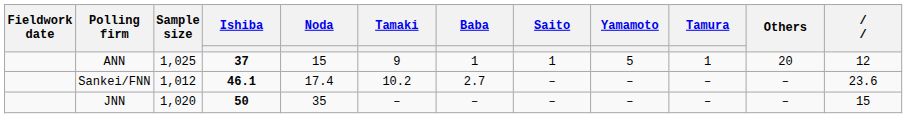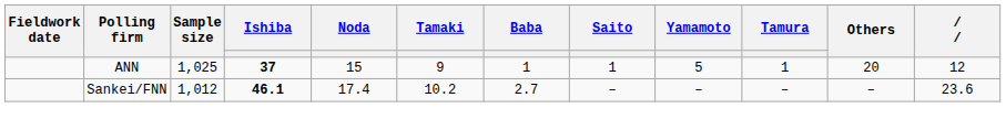 <table class="wikitable mw-datatable sortable" style="text-align:center;font-size:90%;line-height:14px;">
 <tr style="height:40px;">
 <th rowspan="2">Fieldwork date</th>
 <th rowspan="2">Polling firm</th>
 <th class="unsortable" rowspan="2">Sample size</th>
 <th class="unsortable" style="width:70px;"><a href='#'>Ishiba</a><br></th>
 <th class="unsortable" style="width:70px;"><a href='#'>Noda</a><br></th>
 <th class="unsortable" style="width:70px;"><a href='#'>Tamaki</a><br></th>
 <th class="unsortable" style="width:70px;"><a href='#'>Baba</a><br></th>
 <th class="unsortable" style="width:70px;"><a href='#'>Saito</a><br></th>
 <th class="unsortable" style="width:70px;"><a href='#'>Yamamoto</a><br></th>
 <th class="unsortable" style="width:70px;"><a href='#'>Tamura</a><br></th>
 <th class="unsortable" style="width:70px;" rowspan="2">Others</th>
 <th class="unsortable" style="width:70px;" rowspan="2">/<br>/</th>
 </tr>
 <tr>
 <th style="background:"></th>
 <th style="background:"></th>
 <th style="background:"></th>
 <th style="background:"></th>
 <th style="background:"></th>
 <th style="background:"></th>
 <th style="background:"></th>
 </tr>
 <tr>
 <td></td>
 <td>ANN</td>
 <td>1,025</td>
 <td><strong>37</strong></td>
 <td>15</td>
 <td>9</td>
 <td>1</td>
 <td>1</td>
 <td>5</td>
 <td>1</td>
 <td>20</td>
 <td>12</td>
 </tr>
 <tr>
 <td></td>
 <td>Sankei/FNN</td>
 <td>1,012</td>
 <td><strong>46.1</strong></td>
 <td>17.4</td>
 <td>10.2</td>
 <td>2.7</td>
 <td>–</td>
 <td>–</td>
 <td>–</td>
 <td>–</td>
 <td>23.6</td>
 </tr>
-<tr>
-<td></td>
-<td>JNN</td>
-<td>1,020</td>
-<td><strong>50</strong></td>
-<td>35</td>
-<td>–</td>
-<td>–</td>
-<td>–</td>
-<td>–</td>
-<td>–</td>
-<td>–</td>
-<td>15</td>
-</tr>
 </table>
